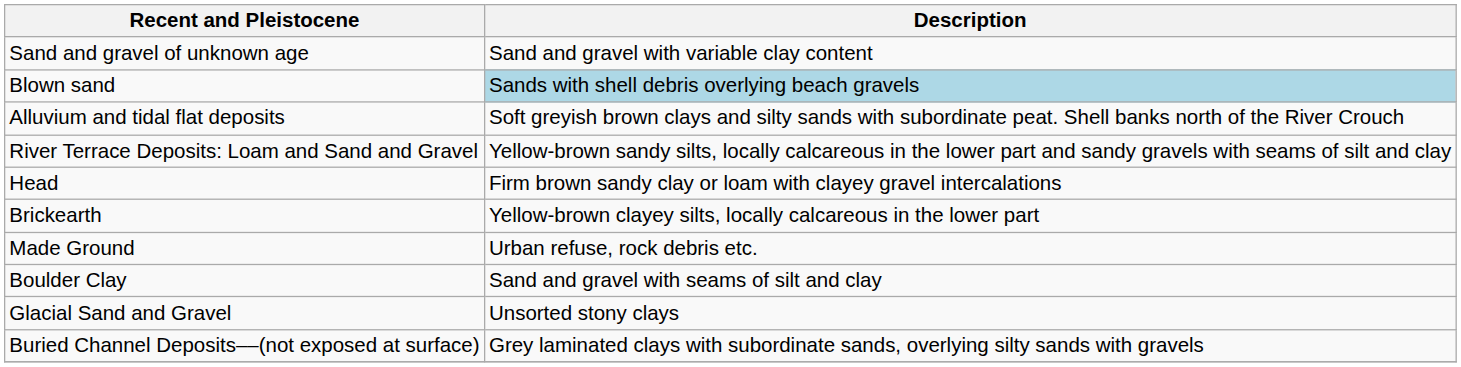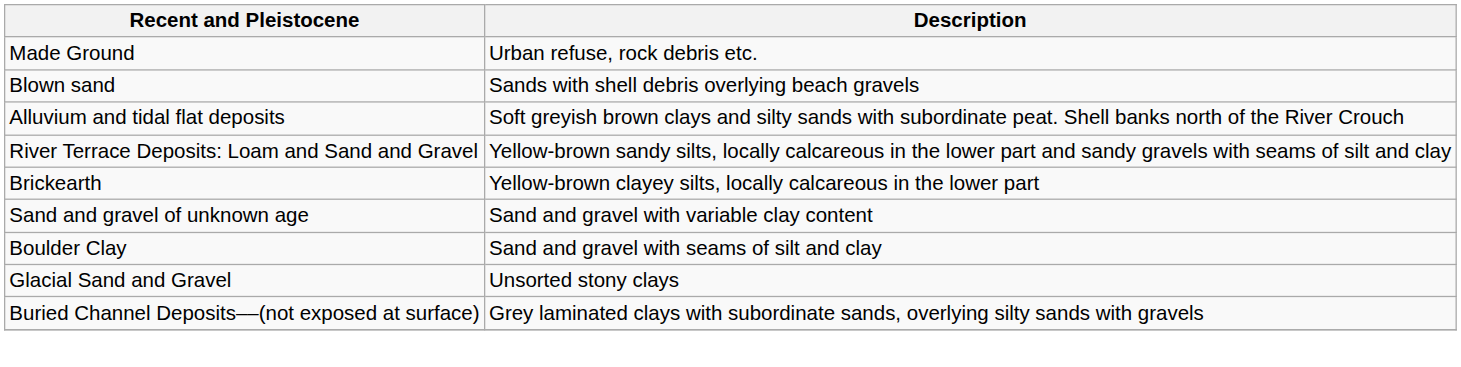 <table class="wikitable sortable">
 <tr>
 <th>Recent and Pleistocene</th>
 <th>Description</th>
 </tr>
 <tr>
-<td>Sand and gravel of unknown age</td>
-<td>Sand and gravel with variable clay content</td>
+<td>Made Ground</td>
+<td>Urban refuse, rock debris etc.</td>
 </tr>
 <tr>
 <td>Blown sand</td>
-<td style="background: lightblue;">Sands with shell debris overlying beach gravels</td>
+<td>Sands with shell debris overlying beach gravels</td>
 </tr>
 <tr>
 <td>Alluvium and tidal flat deposits</td>
 <td>Soft greyish brown clays and silty sands with subordinate peat. Shell banks north of the River Crouch</td>
 </tr>
 <tr>
 <td>River Terrace Deposits: Loam and Sand and Gravel</td>
 <td>Yellow-brown sandy silts, locally calcareous in the lower part and sandy gravels with seams of silt and clay</td>
 </tr>
 <tr>
-<td>Head</td>
-<td>Firm brown sandy clay or loam with clayey gravel intercalations</td>
-</tr>
-<tr>
 <td>Brickearth</td>
 <td>Yellow-brown clayey silts, locally calcareous in the lower part</td>
 </tr>
 <tr>
-<td>Made Ground</td>
-<td>Urban refuse, rock debris etc.</td>
+<td>Sand and gravel of unknown age</td>
+<td>Sand and gravel with variable clay content</td>
 </tr>
 <tr>
 <td>Boulder Clay</td>
 <td>Sand and gravel with seams of silt and clay</td>
 </tr>
 <tr>
 <td>Glacial Sand and Gravel</td>
 <td>Unsorted stony clays</td>
 </tr>
 <tr>
 <td>Buried Channel Deposits––(not exposed at surface)</td>
 <td>Grey laminated clays with subordinate sands, overlying silty sands with gravels</td>
 </tr>
 <tr>
 </tr>
 </table>
